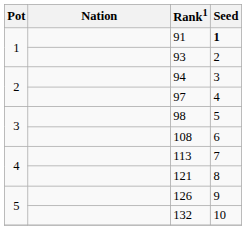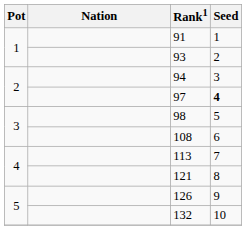 <table class="wikitable">
 <tr>
 <th>Pot</th>
 <th width="175">Nation</th>
 <th>Rank<sup>1</sup></th>
 <th>Seed</th>
 </tr>
 <tr>
 <td rowspan=2 style="text-align:center;">1</td>
 <td></td>
 <td>91</td>
-<td><strong>1</strong></td>
+<td>1</td>
 </tr>
 <tr>
 <td></td>
 <td>93</td>
 <td>2</td>
 </tr>
 <tr>
 <td rowspan=2 style="text-align:center;">2</td>
 <td></td>
 <td>94</td>
 <td>3</td>
 </tr>
 <tr>
 <td></td>
 <td>97</td>
-<td>4</td>
+<td><strong>4</strong></td>
 </tr>
 <tr>
 <td rowspan=2 style="text-align:center;">3</td>
 <td></td>
 <td>98</td>
 <td>5</td>
 </tr>
 <tr>
 <td></td>
 <td>108</td>
 <td>6</td>
 </tr>
 <tr>
 <td rowspan=2 style="text-align:center;">4</td>
 <td></td>
 <td>113</td>
 <td>7</td>
 </tr>
 <tr>
 <td></td>
 <td>121</td>
 <td>8</td>
 </tr>
 <tr>
 <td rowspan=2 style="text-align:center;">5</td>
 <td></td>
 <td>126</td>
 <td>9</td>
 </tr>
 <tr>
 <td></td>
 <td>132</td>
 <td>10</td>
 </tr>
 <tr>
 </tr>
 </table>
